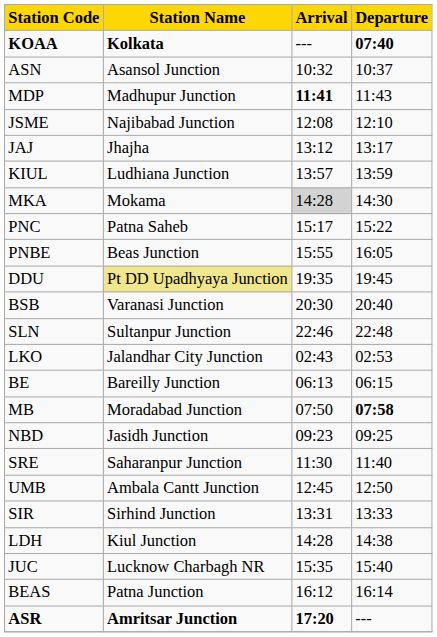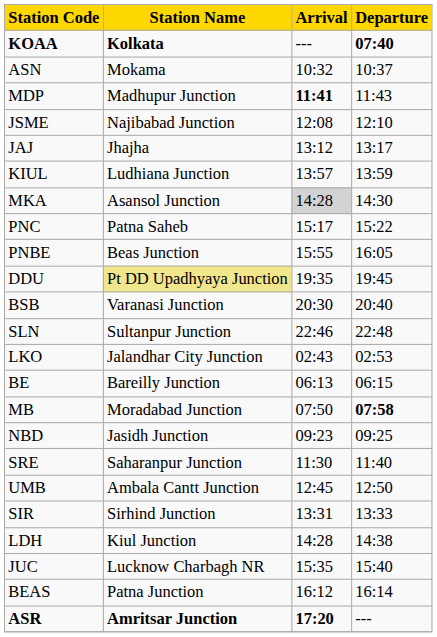 <table class="wikitable">
 <tr>
 <th style="background:gold;">Station Code</th>
 <th ! style="background:gold;">Station Name</th>
 <th ! style="background:gold;">Arrival</th>
 <th ! style="background:gold;">Departure</th>
 </tr>
 <tr>
 <td><strong>KOAA</strong></td>
 <td><strong>Kolkata</strong></td>
 <td>---</td>
 <td><strong>07:40</strong></td>
 </tr>
 <tr>
 <td>ASN</td>
-<td>Asansol Junction</td>
+<td>Mokama</td>
 <td>10:32</td>
 <td>10:37</td>
 </tr>
 <tr>
 <td>MDP</td>
 <td>Madhupur Junction</td>
 <td><strong>11:41</strong></td>
 <td>11:43</td>
 </tr>
 <tr>
 <td>JSME</td>
 <td>Najibabad Junction</td>
 <td>12:08</td>
 <td>12:10</td>
 </tr>
 <tr>
 <td>JAJ</td>
 <td>Jhajha</td>
 <td>13:12</td>
 <td>13:17</td>
 </tr>
 <tr>
 <td>KIUL</td>
 <td>Ludhiana Junction</td>
 <td>13:57</td>
 <td>13:59</td>
 </tr>
 <tr>
 <td>MKA</td>
-<td>Mokama</td>
+<td>Asansol Junction</td>
 <td style="background: lightgrey;">14:28</td>
 <td>14:30</td>
 </tr>
 <tr>
 <td>PNC</td>
 <td>Patna Saheb</td>
 <td>15:17</td>
 <td>15:22</td>
 </tr>
 <tr>
 <td>PNBE</td>
 <td>Beas Junction</td>
 <td>15:55</td>
 <td>16:05</td>
 </tr>
 <tr>
 <td>DDU</td>
 <td style="background: khaki;">Pt DD Upadhyaya Junction</td>
 <td>19:35</td>
 <td>19:45</td>
 </tr>
 <tr>
 <td>BSB</td>
 <td>Varanasi Junction</td>
 <td>20:30</td>
 <td>20:40</td>
 </tr>
 <tr>
 <td>SLN</td>
 <td>Sultanpur Junction</td>
 <td>22:46</td>
 <td>22:48</td>
 </tr>
 <tr>
 <td>LKO</td>
 <td>Jalandhar City Junction</td>
 <td>02:43</td>
 <td>02:53</td>
 </tr>
 <tr>
 <td>BE</td>
 <td>Bareilly Junction</td>
 <td>06:13</td>
 <td>06:15</td>
 </tr>
 <tr>
 <td>MB</td>
 <td>Moradabad Junction</td>
 <td>07:50</td>
 <td><strong>07:58</strong></td>
 </tr>
 <tr>
 <td>NBD</td>
 <td>Jasidh Junction</td>
 <td>09:23</td>
 <td>09:25</td>
 </tr>
 <tr>
 <td>SRE</td>
 <td>Saharanpur Junction</td>
 <td>11:30</td>
 <td>11:40</td>
 </tr>
 <tr>
 <td>UMB</td>
 <td>Ambala Cantt Junction</td>
 <td>12:45</td>
 <td>12:50</td>
 </tr>
 <tr>
 <td>SIR</td>
 <td>Sirhind Junction</td>
 <td>13:31</td>
 <td>13:33</td>
 </tr>
 <tr>
 <td>LDH</td>
 <td>Kiul Junction</td>
 <td>14:28</td>
 <td>14:38</td>
 </tr>
 <tr>
 <td>JUC</td>
 <td>Lucknow Charbagh NR</td>
 <td>15:35</td>
 <td>15:40</td>
 </tr>
 <tr>
 <td>BEAS</td>
 <td>Patna Junction</td>
 <td>16:12</td>
 <td>16:14</td>
 </tr>
 <tr>
 <td><strong>ASR</strong></td>
 <td><strong>Amritsar Junction</strong></td>
 <td><strong>17:20</strong></td>
 <td>---</td>
 </tr>
 <tr>
 </tr>
 </table>
